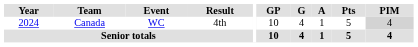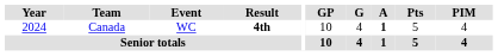 <table border="0" cellpadding="1" cellspacing="0" ID="Table3" style="text-align:center; width:40em">
 <tr ALIGN="center" bgcolor="#e0e0e0">
 <th>Year</th>
 <th>Team</th>
 <th>Event</th>
 <th>Result</th>
 <th rowspan="99" bgcolor="#ffffff"></th>
 <th>GP</th>
 <th>G</th>
 <th>A</th>
 <th>Pts</th>
 <th>PIM</th>
 </tr>
 <tr>
 <td><a href='#'>2024</a></td>
 <td><a href='#'>Canada</a></td>
 <td><a href='#'>WC</a></td>
-<td>4th</td>
+<td><strong>4th</strong></td>
 <td>10</td>
 <td>4</td>
-<td>1</td>
+<td><strong>1</strong></td>
 <td>5</td>
-<td style="background: lightgrey;">4</td>
+<td>4</td>
 </tr>
 <tr bgcolor="#e0e0e0">
 <th colspan="4">Senior totals</th>
 <th>10</th>
 <th>4</th>
 <th>1</th>
 <th>5</th>
 <th>4</th>
 </tr>
 </table>
